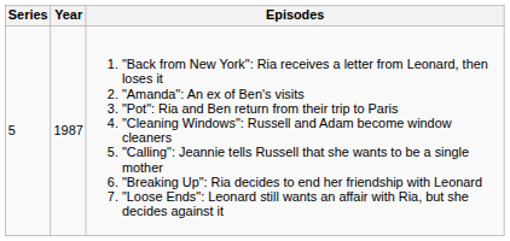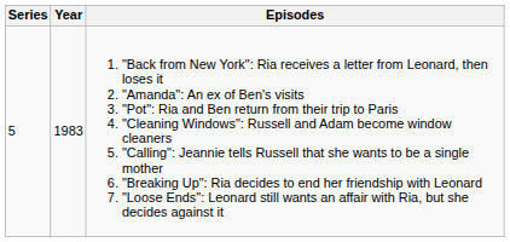 <table class=wikitable>
 <tr>
 <th>Series</th>
 <th>Year</th>
 <th>Episodes</th>
 </tr>
 <tr>
 <td>5</td>
-<td>1987</td>
+<td>1983</td>
 <td><br><ol><li>"Back from New York": Ria receives a letter from Leonard, then loses it</li><li>"Amanda": An ex of Ben's visits</li><li>"Pot": Ria and Ben return from their trip to Paris</li><li>"Cleaning Windows": Russell and Adam become window cleaners</li><li>"Calling": Jeannie tells Russell that she wants to be a single mother</li><li>"Breaking Up": Ria decides to end her friendship with Leonard</li><li>"Loose Ends": Leonard still wants an affair with Ria, but she decides against it</li></ol></td>
 </tr>
 </table>
